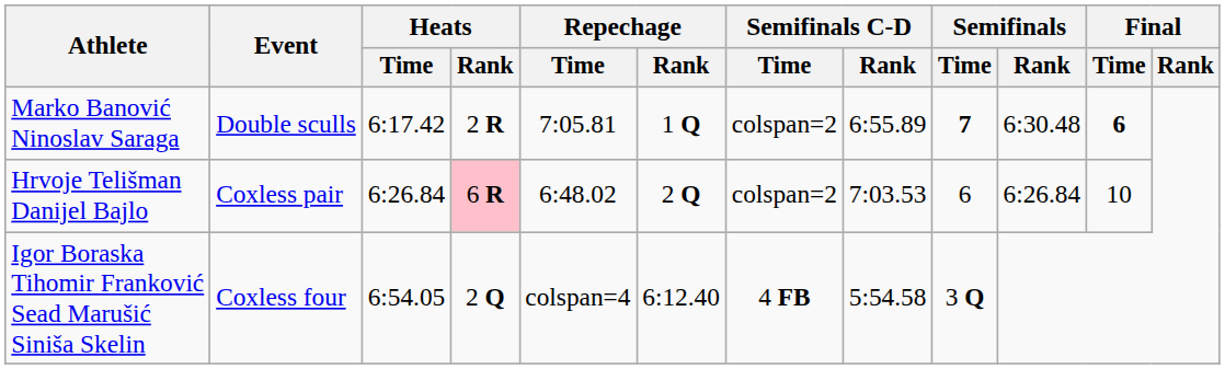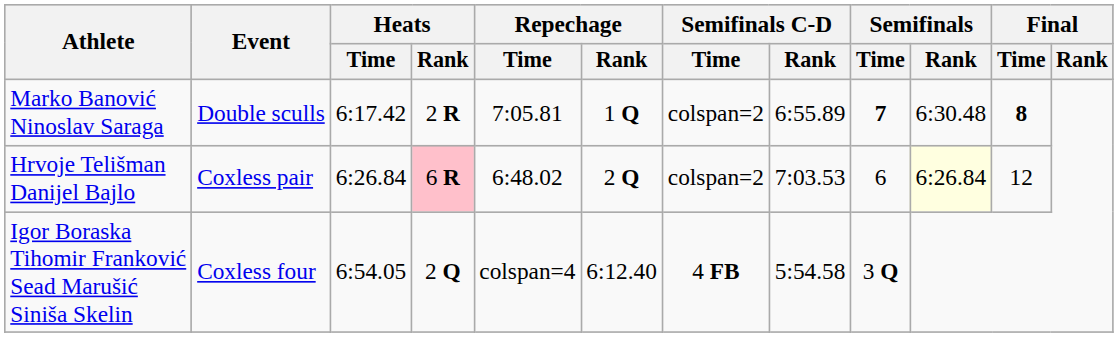 <table class="wikitable" style="font-size:90%">
 <tr>
 <th rowspan="2">Athlete</th>
 <th rowspan="2">Event</th>
 <th colspan="2">Heats</th>
 <th colspan="2">Repechage</th>
 <th colspan="2">Semifinals C-D</th>
 <th colspan="2">Semifinals</th>
 <th colspan="2">Final</th>
 </tr>
 <tr style="font-size:95%">
 <th>Time</th>
 <th>Rank</th>
 <th>Time</th>
 <th>Rank</th>
 <th>Time</th>
 <th>Rank</th>
 <th>Time</th>
 <th>Rank</th>
 <th>Time</th>
 <th>Rank</th>
 </tr>
 <tr align=center>
 <td align=left><a href='#'>Marko Banović</a><br><a href='#'>Ninoslav Saraga</a></td>
 <td align=left><a href='#'>Double sculls</a></td>
 <td>6:17.42</td>
 <td>2 <strong>R</strong></td>
 <td>7:05.81</td>
 <td>1 <strong>Q</strong></td>
 <td>colspan=2 </td>
 <td>6:55.89</td>
 <td><strong>7</strong></td>
 <td>6:30.48</td>
-<td><strong>6</strong></td>
+<td><strong>8</strong></td>
 </tr>
 <tr align=center>
 <td align=left><a href='#'>Hrvoje Telišman</a><br><a href='#'>Danijel Bajlo</a></td>
 <td align=left><a href='#'>Coxless pair</a></td>
 <td>6:26.84</td>
 <td style="background: pink;">6 <strong>R</strong></td>
 <td>6:48.02</td>
 <td>2 <strong>Q</strong></td>
 <td>colspan=2 </td>
 <td>7:03.53</td>
 <td>6</td>
-<td>6:26.84</td>
-<td>10</td>
+<td style="background: lightyellow;">6:26.84</td>
+<td>12</td>
 </tr>
 <tr align=center>
 <td align=left><a href='#'>Igor Boraska</a><br><a href='#'>Tihomir Franković</a><br><a href='#'>Sead Marušić</a><br><a href='#'>Siniša Skelin</a></td>
 <td align=left><a href='#'>Coxless four</a></td>
 <td>6:54.05</td>
 <td>2 <strong>Q</strong></td>
 <td>colspan=4 </td>
 <td>6:12.40</td>
 <td>4 <strong>FB</strong></td>
 <td>5:54.58</td>
 <td>3 <strong>Q</strong></td>
 </tr>
 </table>
